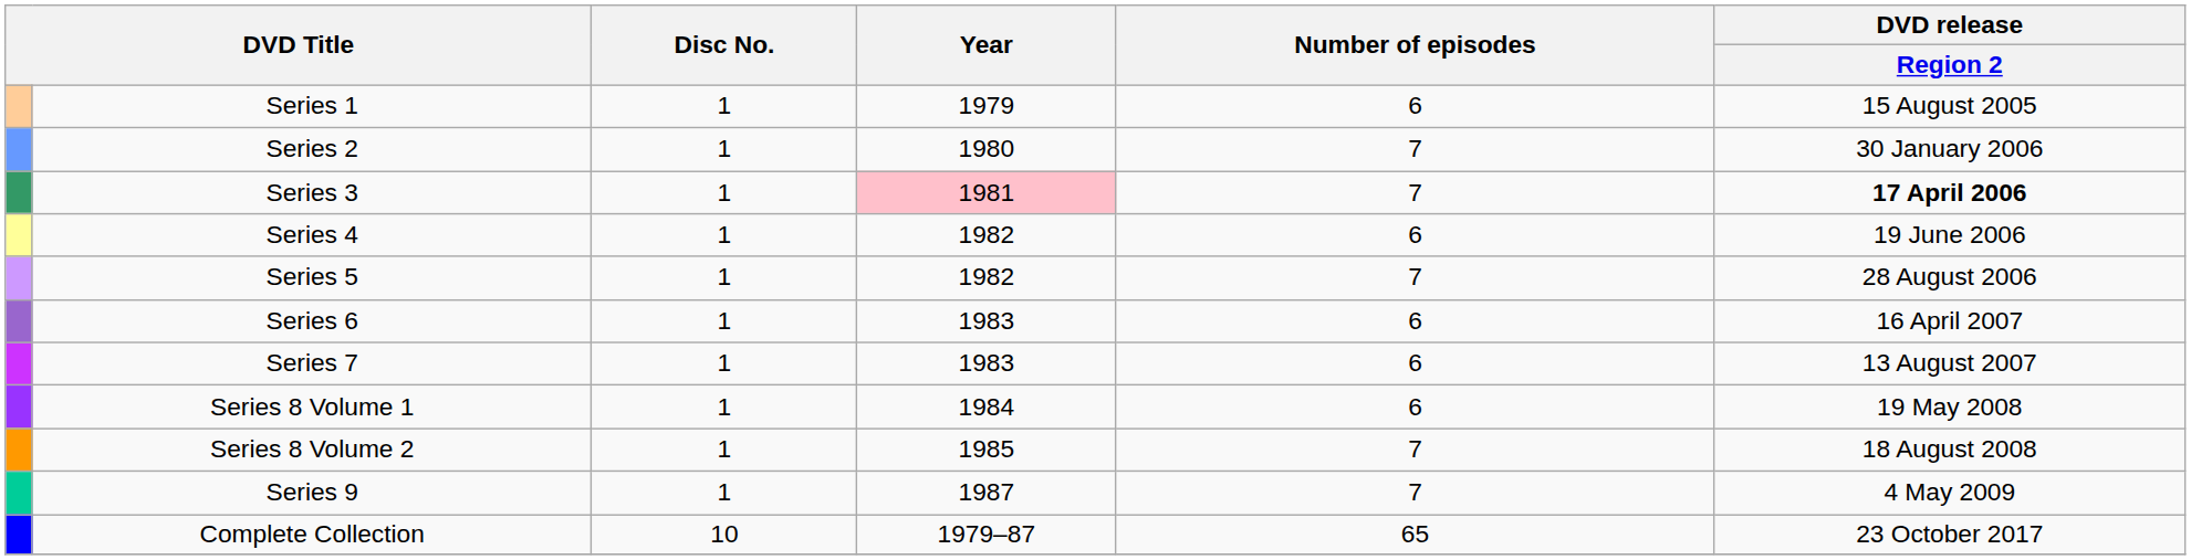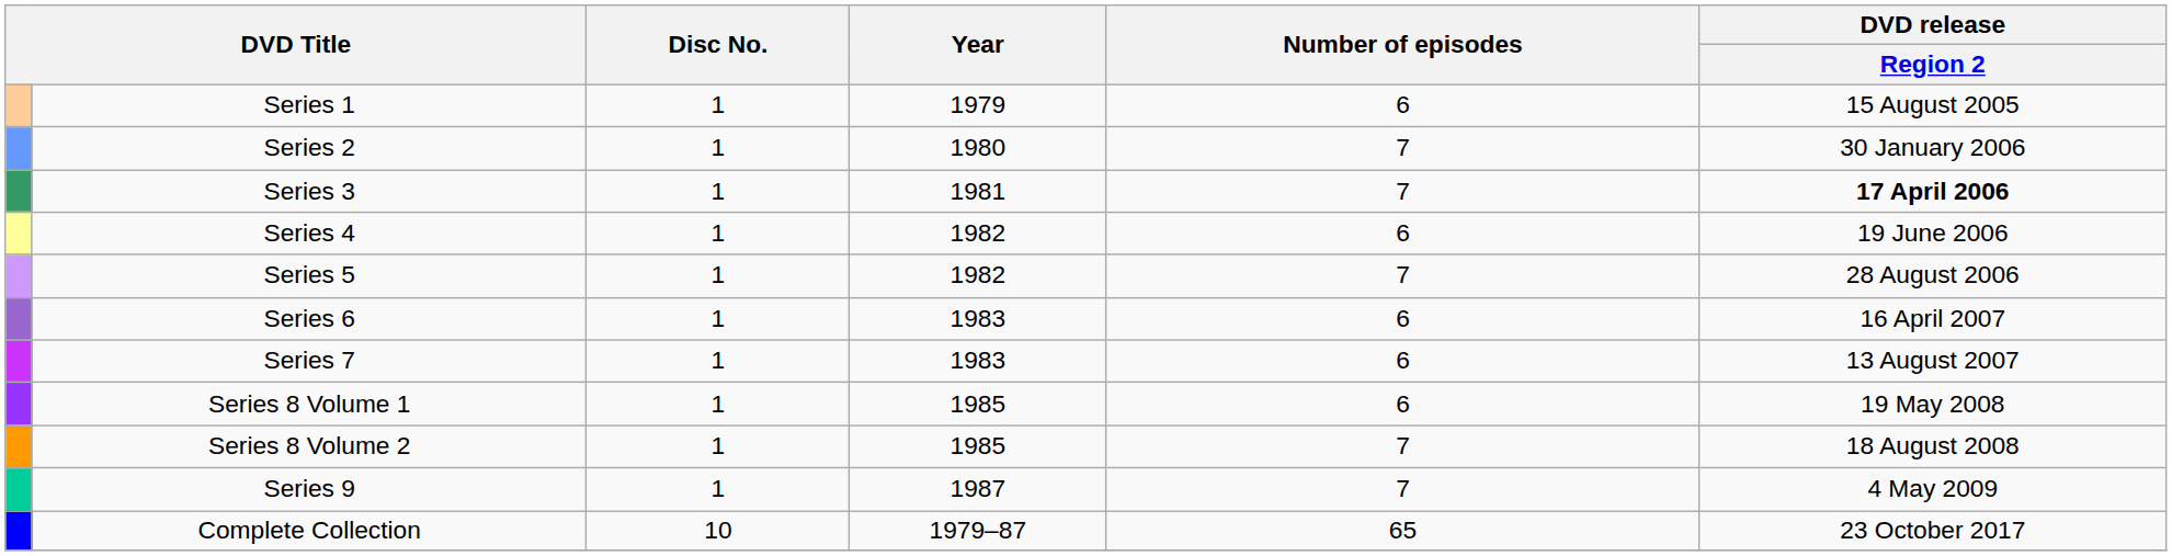 <table class="wikitable" width="70%" style="left: 0 auto; text-align: center;">
 <tr>
 <th colspan="2" rowspan="2">DVD Title</th>
 <th rowspan="2">Disc No.</th>
 <th rowspan="2">Year</th>
 <th rowspan="2">Number of episodes</th>
 <th colspan="3">DVD release</th>
 </tr>
 <tr>
 <th><a href='#'>Region 2</a></th>
 </tr>
 <tr>
 <td bgcolor="#ffcd99" height="20px" width="10px"></td>
 <td>Series 1</td>
 <td>1</td>
 <td>1979</td>
 <td>6</td>
 <td>15 August 2005</td>
 </tr>
 <tr>
 <td bgcolor="#6699ff" height="20p"></td>
 <td>Series 2</td>
 <td>1</td>
 <td>1980</td>
 <td>7</td>
 <td>30 January 2006</td>
 </tr>
 <tr>
 <td bgcolor="#339966" height="20px"></td>
 <td>Series 3</td>
 <td>1</td>
-<td style="background: pink;">1981</td>
+<td>1981</td>
 <td>7</td>
 <td><strong>17 April 2006</strong></td>
 </tr>
 <tr>
 <td bgcolor="#ffff99" height="20px"></td>
 <td>Series 4</td>
 <td>1</td>
 <td>1982</td>
 <td>6</td>
 <td>19 June 2006</td>
 </tr>
 <tr>
 <td bgcolor="#cd99ff" height="20px"></td>
 <td>Series 5</td>
 <td>1</td>
 <td>1982</td>
 <td>7</td>
 <td>28 August 2006</td>
 </tr>
 <tr>
 <td bgcolor="#9966cd" height="20px"></td>
 <td>Series 6</td>
 <td>1</td>
 <td>1983</td>
 <td>6</td>
 <td>16 April 2007</td>
 </tr>
 <tr>
 <td bgcolor="#cd33ff" height="20px"></td>
 <td>Series 7</td>
 <td>1</td>
 <td>1983</td>
 <td>6</td>
 <td>13 August 2007</td>
 </tr>
 <tr>
 <td bgcolor="#9933ff" height="20px"></td>
 <td>Series 8 Volume 1</td>
 <td>1</td>
-<td>1984</td>
+<td>1985</td>
 <td>6</td>
 <td>19 May 2008</td>
 </tr>
 <tr>
 <td bgcolor="#ff9900" height="20px"></td>
 <td>Series 8 Volume 2</td>
 <td>1</td>
 <td>1985</td>
 <td>7</td>
 <td>18 August 2008</td>
 </tr>
 <tr>
 <td bgcolor="#00cd99" height="20px"></td>
 <td>Series 9</td>
 <td>1</td>
 <td>1987</td>
 <td>7</td>
 <td>4 May 2009</td>
 </tr>
 <tr>
 <td style="background:blue;"></td>
 <td>Complete Collection</td>
 <td>10</td>
 <td>1979–87</td>
 <td>65</td>
 <td>23 October 2017</td>
 </tr>
 <tr>
 </tr>
 </table>
